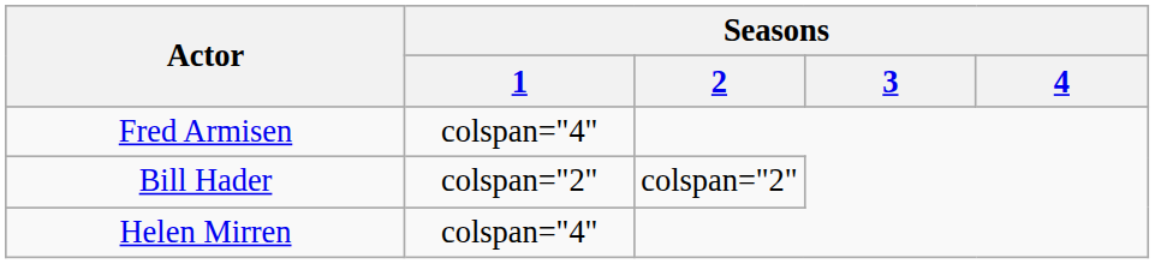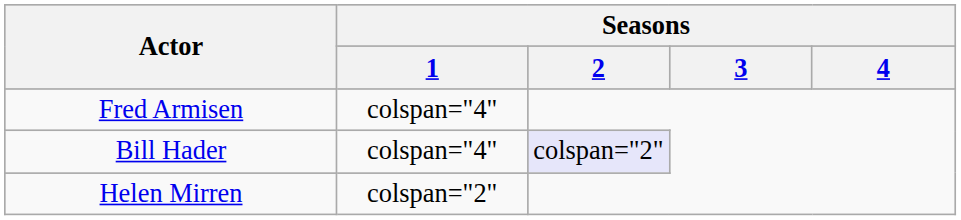 <table class="wikitable plainrowheaders" style="text-align:center">
 <tr>
 <th rowspan="2">Actor</th>
 <th colspan="4">Seasons</th>
 </tr>
 <tr>
 <th scope="col" style="width:20%;"><a href='#'>1</a></th>
 <th scope="col" style="width:15%;"><a href='#'>2</a></th>
 <th scope="col" style="width:15%;"><a href='#'>3</a></th>
 <th scope="col" style="width:15%;"><a href='#'>4</a></th>
 </tr>
 <tr>
 <td><a href='#'>Fred Armisen</a></td>
 <td>colspan="4" </td>
 </tr>
 <tr>
 <td><a href='#'>Bill Hader</a></td>
-<td>colspan="2" </td>
-<td>colspan="2" </td>
+<td>colspan="4" </td>
+<td style="background: lavender;">colspan="2" </td>
 </tr>
 <tr>
 <td><a href='#'>Helen Mirren</a></td>
-<td>colspan="4" </td>
+<td>colspan="2" </td>
 </tr>
 </table>
